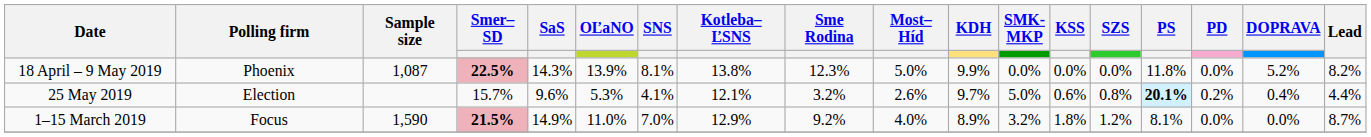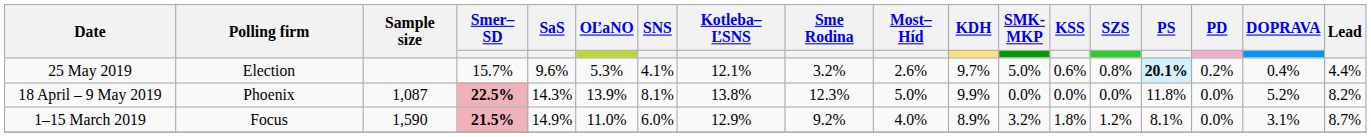 <table class="wikitable sortable" style="text-align:center; font-size:90%; line-height:16px;">
 <tr style="height:42px;">
 <th style="width:150px;" rowspan="2">Date</th>
 <th style="width:165px;" rowspan="2">Polling firm</th>
 <th class="unsortable" style="width:80px;" rowspan="2">Sample<br>size</th>
 <th class="unsortable"><a href='#'><span>Smer–SD</span></a></th>
 <th class="unsortable"><a href='#'><span>SaS</span></a></th>
 <th class="unsortable"><a href='#'><span>OĽaNO</span></a></th>
 <th class="unsortable"><a href='#'><span>SNS</span></a></th>
 <th class="unsortable"><a href='#'><span>Kotleba–ĽSNS</span></a></th>
 <th class="unsortable"><a href='#'><span>Sme Rodina</span></a></th>
 <th class="unsortable"><a href='#'><span>Most–Híd</span></a></th>
 <th class="unsortable"><a href='#'><span>KDH</span></a></th>
 <th class="unsortable"><a href='#'><span>SMK-MKP</span></a></th>
 <th class="unsortable"><a href='#'><span>KSS</span></a></th>
 <th class="unsortable"><a href='#'><span>SZS</span></a></th>
 <th class="unsortable"><a href='#'><span>PS</span></a></th>
 <th class="unsortable"><a href='#'><span>PD</span></a></th>
 <th class="unsortable"><a href='#'><span>DOPRAVA</span></a></th>
 <th class="unsortable" style="width:20px;" rowspan="2">Lead</th>
 </tr>
 <tr>
 <th style="background:"></th>
 <th style="background:"></th>
 <th style="background:#BED62F; width:40px;"></th>
 <th style="background:"></th>
 <th style="background:"></th>
 <th style="background:"></th>
 <th style="background:"></th>
 <th style="background:#FFE17C; width:40px;"></th>
 <th style="background:#029C02; width:40px;"></th>
 <th style="background:"></th>
 <th style="background:#2bcc2b; width:40px;"></th>
 <th style="background:"></th>
 <th style="background:#f7accf; width:40px;"></th>
 <th style="background:#0196ff; width:40px;"></th>
 </tr>
 <tr>
+<td data-sort-value="2019-05-25">25 May 2019</td>
+<td>Election</td>
+<td></td>
+<td>15.7%</td>
+<td>9.6%</td>
+<td>5.3%</td>
+<td>4.1%</td>
+<td>12.1%</td>
+<td>3.2%</td>
+<td>2.6%</td>
+<td>9.7%</td>
+<td>5.0%</td>
+<td>0.6%</td>
+<td>0.8%</td>
+<td style="background:#D1F1FF"><strong>20.1%</strong></td>
+<td>0.2%</td>
+<td>0.4%</td>
+<td style="background:">4.4%</td>
+</tr>
+<tr>
 <td data-sort-value="2019-03-15">18 April – 9 May 2019</td>
 <td>Phoenix</td>
 <td>1,087</td>
 <td style="background:#F0B2BA"><strong>22.5%</strong></td>
 <td>14.3%</td>
 <td>13.9%</td>
 <td>8.1%</td>
 <td>13.8%</td>
 <td>12.3%</td>
 <td>5.0%</td>
 <td>9.9%</td>
 <td>0.0%</td>
 <td>0.0%</td>
 <td>0.0%</td>
 <td>11.8%</td>
 <td>0.0%</td>
 <td>5.2%</td>
 <td style="background:">8.2%</td>
 </tr>
 <tr>
-<td data-sort-value="2019-05-25">25 May 2019</td>
-<td>Election</td>
-<td></td>
-<td>15.7%</td>
-<td>9.6%</td>
-<td>5.3%</td>
-<td>4.1%</td>
-<td>12.1%</td>
-<td>3.2%</td>
-<td>2.6%</td>
-<td>9.7%</td>
-<td>5.0%</td>
-<td>0.6%</td>
-<td>0.8%</td>
-<td style="background:#D1F1FF"><strong>20.1%</strong></td>
-<td>0.2%</td>
-<td>0.4%</td>
-<td style="background:">4.4%</td>
-</tr>
-<tr>
 <td data-sort-value="2019-03-15">1–15 March 2019</td>
 <td>Focus</td>
 <td>1,590</td>
 <td style="background:#F0B2BA"><strong>21.5%</strong></td>
 <td>14.9%</td>
 <td>11.0%</td>
-<td>7.0%</td>
+<td>6.0%</td>
 <td>12.9%</td>
 <td>9.2%</td>
 <td>4.0%</td>
 <td>8.9%</td>
 <td>3.2%</td>
 <td>1.8%</td>
 <td>1.2%</td>
 <td>8.1%</td>
 <td>0.0%</td>
-<td>0.0%</td>
+<td>3.1%</td>
 <td style="background:">8.7%</td>
 </tr>
 <tr>
 </tr>
 </table>
